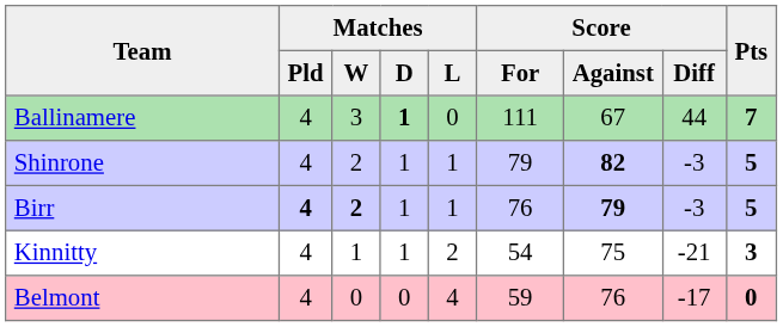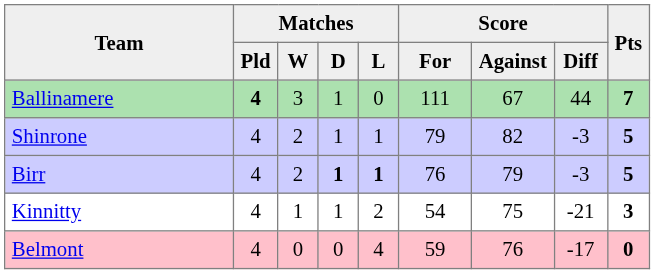 <table style=border-collapse:collapse border=1 cellspacing=0 cellpadding=5>
 <tr align=center bgcolor=#efefef>
 <th rowspan=2 width=165>Team</th>
 <th colspan=4>Matches</th>
 <th colspan=3>Score</th>
 <th rowspan=2width=20>Pts</th>
 </tr>
 <tr align=center bgcolor=#efefef>
 <th width=20>Pld</th>
 <th width=20>W</th>
 <th width=20>D</th>
 <th width=20>L</th>
 <th width=45>For</th>
 <th width=45>Against</th>
 <th width=30>Diff</th>
 </tr>
 <tr align=center style="background:#ACE1AF;">
 <td style="text-align:left;"><a href='#'>Ballinamere</a></td>
-<td>4</td>
+<td><strong>4</strong></td>
 <td>3</td>
-<td><strong>1</strong></td>
+<td>1</td>
 <td>0</td>
 <td>111</td>
 <td>67</td>
 <td>44</td>
 <td><strong>7</strong></td>
 </tr>
 <tr align=center style="background:#ccccff;">
 <td style="text-align:left;"><a href='#'>Shinrone</a></td>
 <td>4</td>
 <td>2</td>
 <td>1</td>
 <td>1</td>
 <td>79</td>
-<td><strong>82</strong></td>
+<td>82</td>
 <td>-3</td>
 <td><strong>5</strong></td>
 </tr>
 <tr align=center style="background:#ccccff;">
 <td style="text-align:left;"><a href='#'>Birr</a></td>
-<td><strong>4</strong></td>
-<td><strong>2</strong></td>
-<td>1</td>
-<td>1</td>
+<td>4</td>
+<td>2</td>
+<td><strong>1</strong></td>
+<td><strong>1</strong></td>
 <td>76</td>
-<td><strong>79</strong></td>
+<td>79</td>
 <td>-3</td>
 <td><strong>5</strong></td>
 </tr>
 <tr align=center>
 <td style="text-align:left;"><a href='#'>Kinnitty</a></td>
 <td>4</td>
 <td>1</td>
 <td>1</td>
 <td>2</td>
 <td>54</td>
 <td>75</td>
 <td>-21</td>
 <td><strong>3</strong></td>
 </tr>
 <tr align=center style="background:#FFC0CB;">
 <td style="text-align:left;"><a href='#'>Belmont</a></td>
 <td>4</td>
 <td>0</td>
 <td>0</td>
 <td>4</td>
 <td>59</td>
 <td>76</td>
 <td>-17</td>
 <td><strong>0</strong></td>
 </tr>
 </table>
